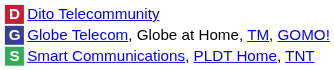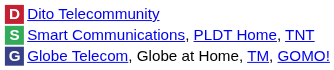 <table class="wiki-table" style="min-width:30em">
 <tr>
 <td style="background:#C41F32;color:white;text-align:center;"><strong>D</strong></td>
 <td><a href='#'>Dito Telecommunity</a></td>
 </tr>
 <tr>
+<td style="background:#33AB5A;color:white;text-align:center;"><strong>S</strong></td>
+<td><a href='#'>Smart Communications</a>, <a href='#'>PLDT Home</a>, <a href='#'>TNT</a></td>
+</tr>
+<tr>
 <td style="background:#384088;color:white;text-align:center;"><strong>G</strong></td>
 <td><a href='#'>Globe Telecom</a>, Globe at Home, <a href='#'>TM</a>, <a href='#'>GOMO!</a></td>
 </tr>
-<tr>
-<td style="background:#33AB5A;color:white;text-align:center;"><strong>S</strong></td>
-<td><a href='#'>Smart Communications</a>, <a href='#'>PLDT Home</a>, <a href='#'>TNT</a></td>
-</tr>
 </table>
